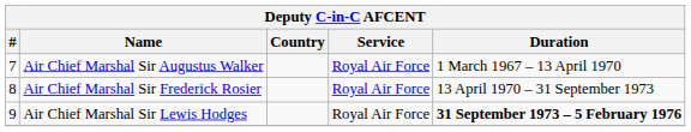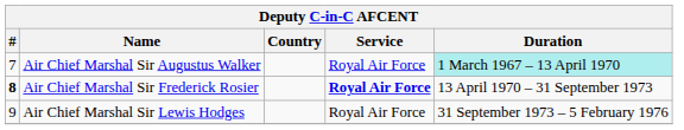 <table class="wikitable">
 <tr>
 <th colspan=5>Deputy <a href='#'>C-in-C</a> AFCENT</th>
 </tr>
 <tr>
 <th>#</th>
 <th>Name</th>
 <th>Country</th>
 <th>Service</th>
 <th>Duration</th>
 </tr>
 <tr>
 <td>7</td>
 <td><a href='#'>Air Chief Marshal</a> Sir <a href='#'>Augustus Walker</a></td>
 <td></td>
 <td><a href='#'>Royal Air Force</a></td>
-<td>1 March 1967 – 13 April 1970</td>
+<td style="background: paleturquoise;">1 March 1967 – 13 April 1970</td>
 </tr>
 <tr>
-<td>8</td>
+<td><strong>8</strong></td>
 <td><a href='#'>Air Chief Marshal</a> Sir <a href='#'>Frederick Rosier</a></td>
 <td></td>
-<td><a href='#'>Royal Air Force</a></td>
+<td><strong><a href='#'>Royal Air Force</a></strong></td>
 <td>13 April 1970 – 31 September 1973</td>
 </tr>
 <tr>
 <td>9</td>
 <td>Air Chief Marshal Sir <a href='#'>Lewis Hodges</a></td>
 <td></td>
 <td>Royal Air Force</td>
-<td><strong>31 September 1973 – 5 February 1976</strong></td>
+<td>31 September 1973 – 5 February 1976</td>
 </tr>
 <tr>
 </tr>
 </table>
